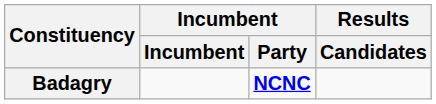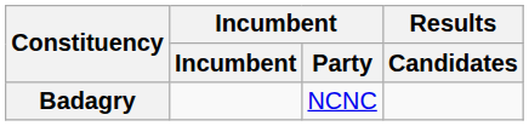 <table class="wikitable sortable">
 <tr>
 <th rowspan="2">Constituency</th>
 <th colspan="2">Incumbent</th>
 <th>Results</th>
 </tr>
 <tr valign="bottom">
 <th>Incumbent</th>
 <th>Party</th>
 <th>Candidates</th>
 </tr>
 <tr>
 <th>Badagry</th>
 <td></td>
-<td><strong><a href='#'>NCNC</a></strong></td>
+<td><a href='#'>NCNC</a></td>
 <td nowrap=""></td>
 </tr>
 </table>
